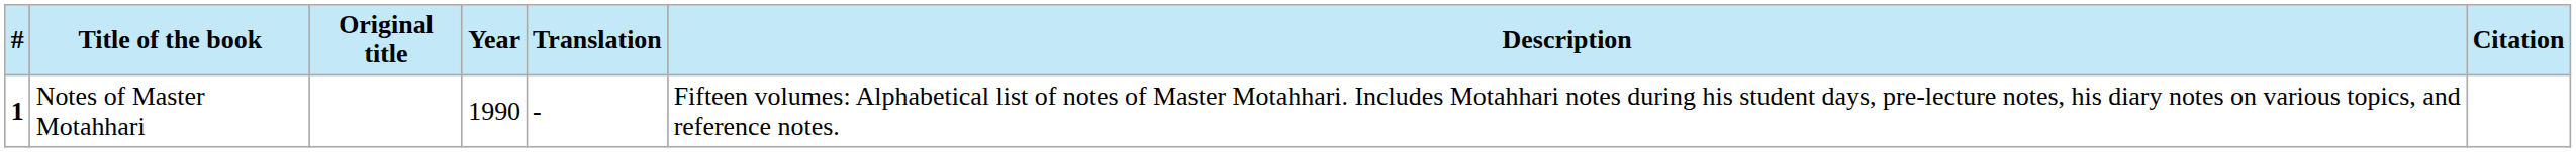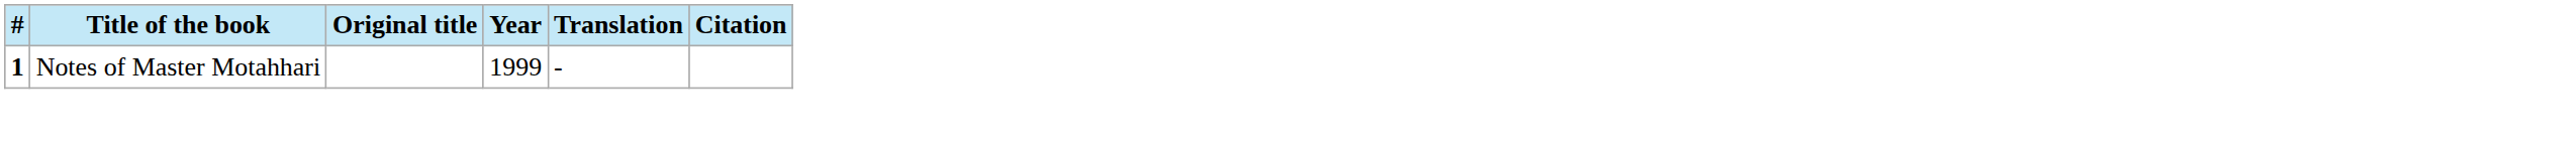 <table class="wikitable" style="background-color:#ffffff; color:#000000">
 <tr>
 <th style="background-color:#c3e8f7;">#</th>
 <th style="background-color:#c3e8f7;">Title of the book</th>
 <th style="background-color:#c3e8f7;">Original title</th>
 <th style="background-color:#c3e8f7;">Year</th>
 <th style="background-color:#c3e8f7;">Translation</th>
-<th style="background-color:#c3e8f7;">Description</th>
 <th style="background-color:#c3e8f7;">Citation</th>
 </tr>
 <tr>
 <td><strong>1</strong></td>
 <td>Notes of Master Motahhari</td>
 <td></td>
-<td>1990</td>
+<td>1999</td>
 <td>-</td>
-<td>Fifteen volumes: Alphabetical list of notes of Master Motahhari. Includes Motahhari notes during his student days, pre-lecture notes, his diary notes on various topics, and reference notes.</td>
 <td></td>
 </tr>
 </table>
